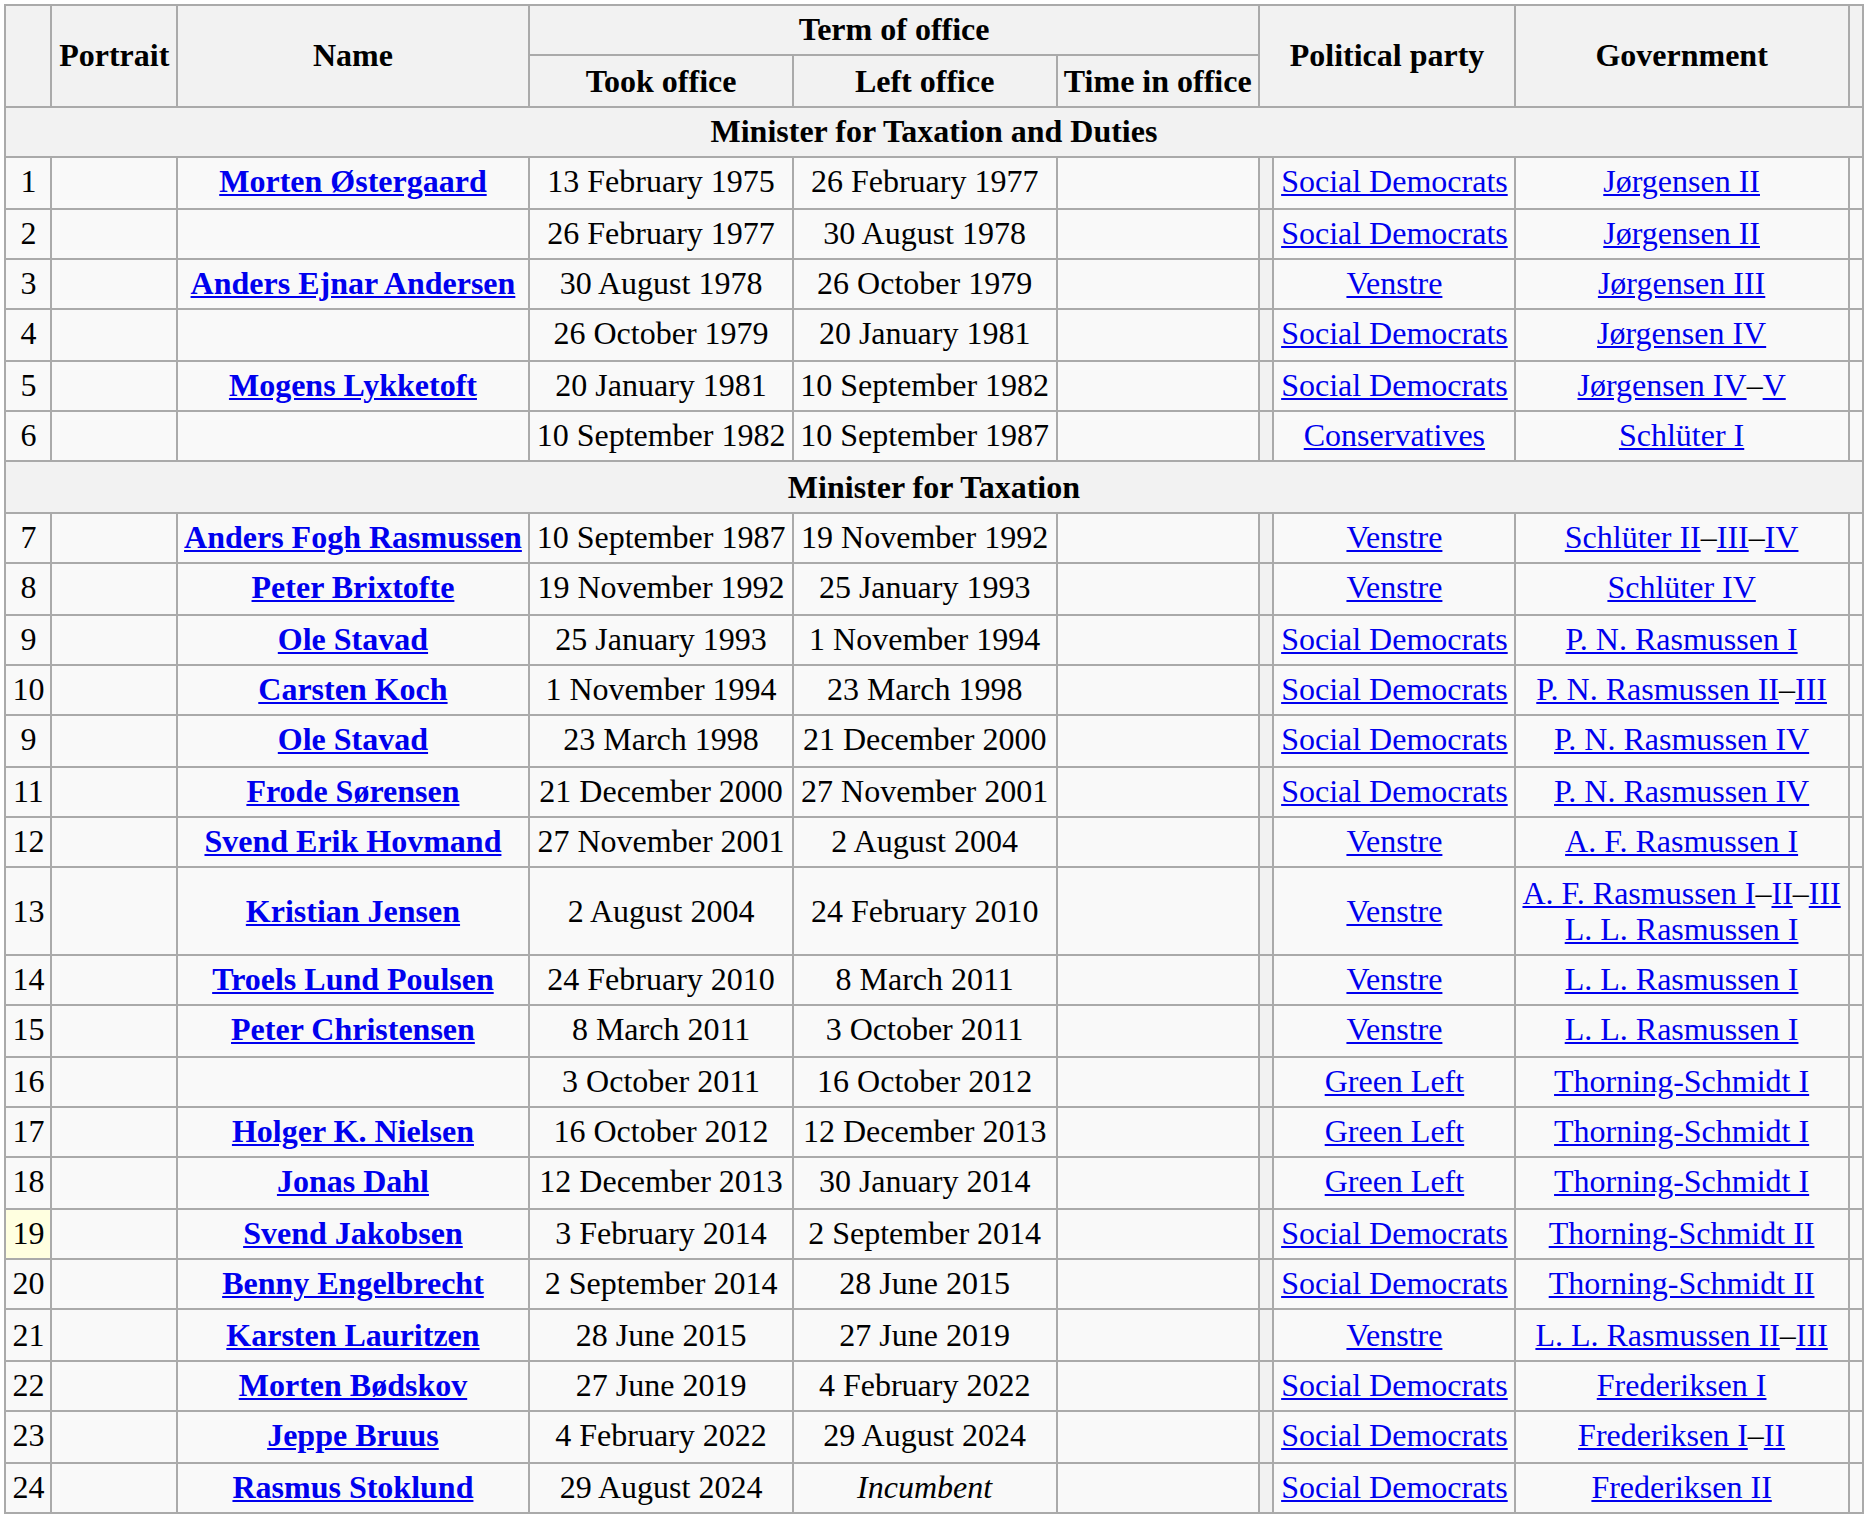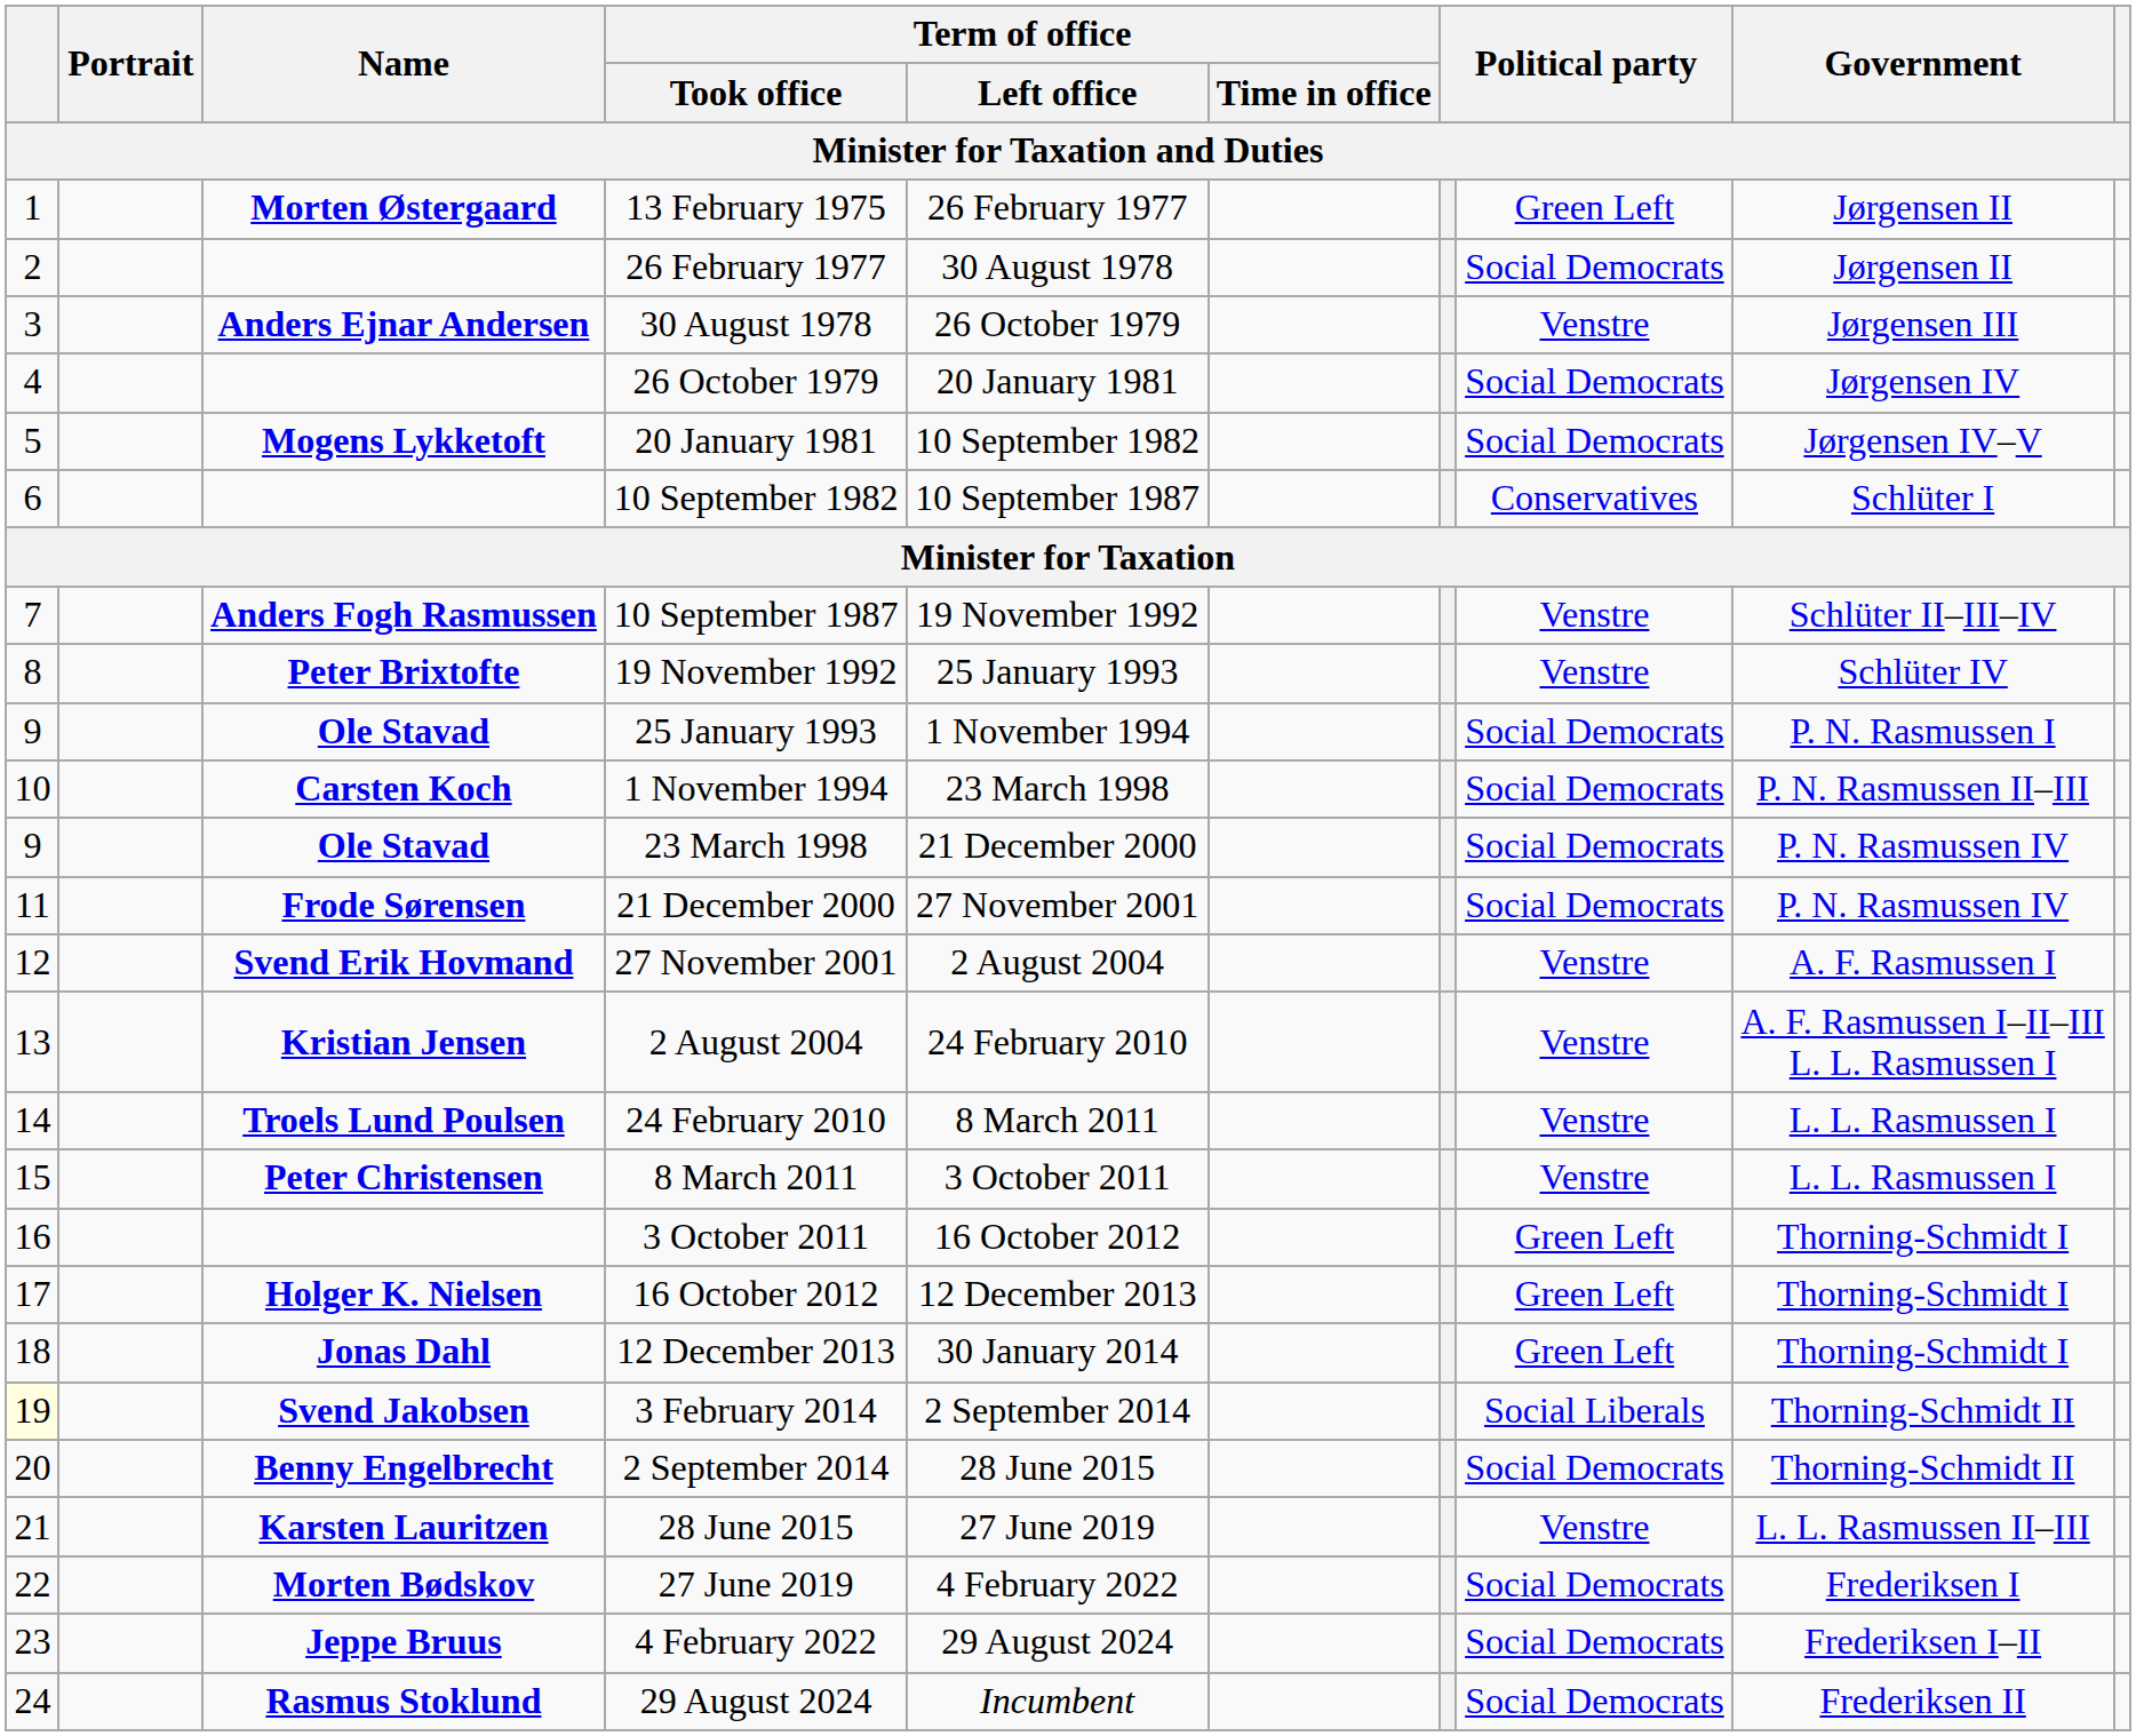 <table class="wikitable" style="text-align:center;">
 <tr>
 <th rowspan=2></th>
 <th rowspan=2>Portrait</th>
 <th rowspan=2>Name<br></th>
 <th colspan=3>Term of office</th>
 <th colspan=2 rowspan=2>Political party</th>
 <th rowspan=2>Government</th>
 <th rowspan=2></th>
 </tr>
 <tr>
 <th>Took office</th>
 <th>Left office</th>
 <th>Time in office</th>
 </tr>
 <tr>
 <th colspan=10>Minister for Taxation and Duties<br></th>
 </tr>
 <tr>
 <td>1</td>
 <td></td>
 <td><strong><a href='#'>Morten Østergaard</a></strong><br></td>
 <td>13 February 1975</td>
 <td>26 February 1977</td>
 <td></td>
 <th style="background:"></th>
-<td><a href='#'>Social Democrats</a></td>
+<td><a href='#'>Green Left</a></td>
 <td><a href='#'>Jørgensen II</a></td>
 <td></td>
 </tr>
 <tr>
 <td>2</td>
 <td></td>
 <td><strong></strong><br></td>
 <td>26 February 1977</td>
 <td>30 August 1978</td>
 <td></td>
 <th style="background:"></th>
 <td><a href='#'>Social Democrats</a></td>
 <td><a href='#'>Jørgensen II</a></td>
 <td></td>
 </tr>
 <tr>
 <td>3</td>
 <td></td>
 <td><strong><a href='#'>Anders Ejnar Andersen</a></strong><br></td>
 <td>30 August 1978</td>
 <td>26 October 1979</td>
 <td></td>
 <th style="background:"></th>
 <td><a href='#'>Venstre</a></td>
 <td><a href='#'>Jørgensen III</a></td>
 <td></td>
 </tr>
 <tr>
 <td>4</td>
 <td></td>
 <td><strong></strong><br></td>
 <td>26 October 1979</td>
 <td>20 January 1981</td>
 <td></td>
 <th style="background:"></th>
 <td><a href='#'>Social Democrats</a></td>
 <td><a href='#'>Jørgensen IV</a></td>
 <td></td>
 </tr>
 <tr>
 <td>5</td>
 <td></td>
 <td><strong><a href='#'>Mogens Lykketoft</a></strong><br></td>
 <td>20 January 1981</td>
 <td>10 September 1982</td>
 <td></td>
 <th style="background:"></th>
 <td><a href='#'>Social Democrats</a></td>
 <td><a href='#'>Jørgensen IV</a>–<a href='#'>V</a></td>
 <td></td>
 </tr>
 <tr>
 <td>6</td>
 <td></td>
 <td><strong></strong><br></td>
 <td>10 September 1982</td>
 <td>10 September 1987</td>
 <td></td>
 <th style="background:"></th>
 <td><a href='#'>Conservatives</a></td>
 <td><a href='#'>Schlüter I</a></td>
 <td></td>
 </tr>
 <tr>
 <th colspan=10>Minister for Taxation<br></th>
 </tr>
 <tr>
 <td>7</td>
 <td></td>
 <td><strong><a href='#'>Anders Fogh Rasmussen</a></strong><br></td>
 <td>10 September 1987</td>
 <td>19 November 1992</td>
 <td></td>
 <th style="background:"></th>
 <td><a href='#'>Venstre</a></td>
 <td><a href='#'>Schlüter II</a>–<a href='#'>III</a>–<a href='#'>IV</a></td>
 <td></td>
 </tr>
 <tr>
 <td>8</td>
 <td></td>
 <td><strong><a href='#'>Peter Brixtofte</a></strong><br></td>
 <td>19 November 1992</td>
 <td>25 January 1993</td>
 <td></td>
 <th style="background:"></th>
 <td><a href='#'>Venstre</a></td>
 <td><a href='#'>Schlüter IV</a></td>
 <td></td>
 </tr>
 <tr>
 <td>9</td>
 <td></td>
 <td><strong><a href='#'>Ole Stavad</a></strong><br></td>
 <td>25 January 1993</td>
 <td>1 November 1994</td>
 <td></td>
 <th style="background:"></th>
 <td><a href='#'>Social Democrats</a></td>
 <td><a href='#'>P. N. Rasmussen I</a></td>
 <td></td>
 </tr>
 <tr>
 <td>10</td>
 <td></td>
 <td><strong><a href='#'>Carsten Koch</a></strong><br></td>
 <td>1 November 1994</td>
 <td>23 March 1998</td>
 <td></td>
 <th style="background:"></th>
 <td><a href='#'>Social Democrats</a></td>
 <td><a href='#'>P. N. Rasmussen II</a>–<a href='#'>III</a></td>
 <td></td>
 </tr>
 <tr>
 <td>9</td>
 <td></td>
 <td><strong><a href='#'>Ole Stavad</a></strong><br></td>
 <td>23 March 1998</td>
 <td>21 December 2000</td>
 <td></td>
 <th style="background:"></th>
 <td><a href='#'>Social Democrats</a></td>
 <td><a href='#'>P. N. Rasmussen IV</a></td>
 <td></td>
 </tr>
 <tr>
 <td>11</td>
 <td></td>
 <td><strong><a href='#'>Frode Sørensen</a></strong><br></td>
 <td>21 December 2000</td>
 <td>27 November 2001</td>
 <td></td>
 <th style="background:"></th>
 <td><a href='#'>Social Democrats</a></td>
 <td><a href='#'>P. N. Rasmussen IV</a></td>
 <td></td>
 </tr>
 <tr>
 <td>12</td>
 <td></td>
 <td><strong><a href='#'>Svend Erik Hovmand</a></strong><br></td>
 <td>27 November 2001</td>
 <td>2 August 2004</td>
 <td></td>
 <th style="background:"></th>
 <td><a href='#'>Venstre</a></td>
 <td><a href='#'>A. F. Rasmussen I</a></td>
 <td></td>
 </tr>
 <tr>
 <td>13</td>
 <td></td>
 <td><strong><a href='#'>Kristian Jensen</a></strong><br></td>
 <td>2 August 2004</td>
 <td>24 February 2010</td>
 <td></td>
 <th style="background:"></th>
 <td><a href='#'>Venstre</a></td>
 <td><a href='#'>A. F. Rasmussen I</a>–<a href='#'>II</a>–<a href='#'>III</a><br><a href='#'>L. L. Rasmussen I</a></td>
 <td><br></td>
 </tr>
 <tr>
 <td>14</td>
 <td></td>
 <td><strong><a href='#'>Troels Lund Poulsen</a></strong><br></td>
 <td>24 February 2010</td>
 <td>8 March 2011</td>
 <td></td>
 <th style="background:"></th>
 <td><a href='#'>Venstre</a></td>
 <td><a href='#'>L. L. Rasmussen I</a></td>
 <td></td>
 </tr>
 <tr>
 <td>15</td>
 <td></td>
 <td><strong><a href='#'>Peter Christensen</a></strong><br></td>
 <td>8 March 2011</td>
 <td>3 October 2011</td>
 <td></td>
 <th style="background:"></th>
 <td><a href='#'>Venstre</a></td>
 <td><a href='#'>L. L. Rasmussen I</a></td>
 <td></td>
 </tr>
 <tr>
 <td>16</td>
 <td></td>
 <td><strong></strong><br></td>
 <td>3 October 2011</td>
 <td>16 October 2012</td>
 <td></td>
 <th style="background:"></th>
 <td><a href='#'>Green Left</a></td>
 <td><a href='#'>Thorning-Schmidt I</a></td>
 <td></td>
 </tr>
 <tr>
 <td>17</td>
 <td></td>
 <td><strong><a href='#'>Holger K. Nielsen</a></strong><br></td>
 <td>16 October 2012</td>
 <td>12 December 2013</td>
 <td></td>
 <th style="background:"></th>
 <td><a href='#'>Green Left</a></td>
 <td><a href='#'>Thorning-Schmidt I</a></td>
 <td></td>
 </tr>
 <tr>
 <td>18</td>
 <td></td>
 <td><strong><a href='#'>Jonas Dahl</a></strong><br></td>
 <td>12 December 2013</td>
 <td>30 January 2014</td>
 <td></td>
 <th style="background:"></th>
 <td><a href='#'>Green Left</a></td>
 <td><a href='#'>Thorning-Schmidt I</a></td>
 <td></td>
 </tr>
 <tr>
 <td style="background: lightyellow;">19</td>
 <td></td>
 <td><strong><a href='#'>Svend Jakobsen</a></strong><br></td>
 <td>3 February 2014</td>
 <td>2 September 2014</td>
 <td></td>
 <th style="background:"></th>
-<td><a href='#'>Social Democrats</a></td>
+<td><a href='#'>Social Liberals</a></td>
 <td><a href='#'>Thorning-Schmidt II</a></td>
 <td></td>
 </tr>
 <tr>
 <td>20</td>
 <td></td>
 <td><strong><a href='#'>Benny Engelbrecht</a></strong><br></td>
 <td>2 September 2014</td>
 <td>28 June 2015</td>
 <td></td>
 <th style="background:"></th>
 <td><a href='#'>Social Democrats</a></td>
 <td><a href='#'>Thorning-Schmidt II</a></td>
 <td></td>
 </tr>
 <tr>
 <td>21</td>
 <td></td>
 <td><strong><a href='#'>Karsten Lauritzen</a></strong><br></td>
 <td>28 June 2015</td>
 <td>27 June 2019</td>
 <td></td>
 <th style="background:"></th>
 <td><a href='#'>Venstre</a></td>
 <td><a href='#'>L. L. Rasmussen II</a>–<a href='#'>III</a></td>
 <td></td>
 </tr>
 <tr>
 <td>22</td>
 <td></td>
 <td><strong><a href='#'>Morten Bødskov</a></strong><br></td>
 <td>27 June 2019</td>
 <td>4 February 2022</td>
 <td></td>
 <th style="background:"></th>
 <td><a href='#'>Social Democrats</a></td>
 <td><a href='#'>Frederiksen I</a></td>
 <td></td>
 </tr>
 <tr>
 <td>23</td>
 <td></td>
 <td><strong><a href='#'>Jeppe Bruus</a></strong><br></td>
 <td>4 February 2022</td>
 <td>29 August 2024</td>
 <td></td>
 <th style="background:"></th>
 <td><a href='#'>Social Democrats</a></td>
 <td><a href='#'>Frederiksen I</a>–<a href='#'>II</a></td>
 <td></td>
 </tr>
 <tr>
 <td>24</td>
 <td></td>
 <td><strong><a href='#'>Rasmus Stoklund</a></strong><br></td>
 <td>29 August 2024</td>
 <td><em>Incumbent</em></td>
 <td></td>
 <th style="background:"></th>
 <td><a href='#'>Social Democrats</a></td>
 <td><a href='#'>Frederiksen II</a></td>
 <td></td>
 </tr>
 </table>
